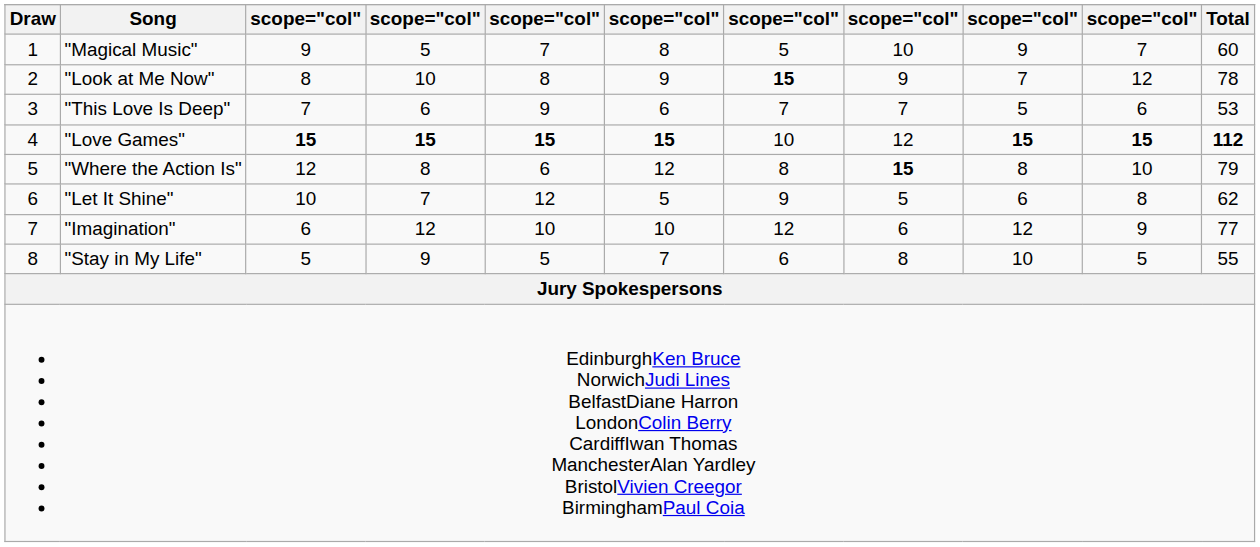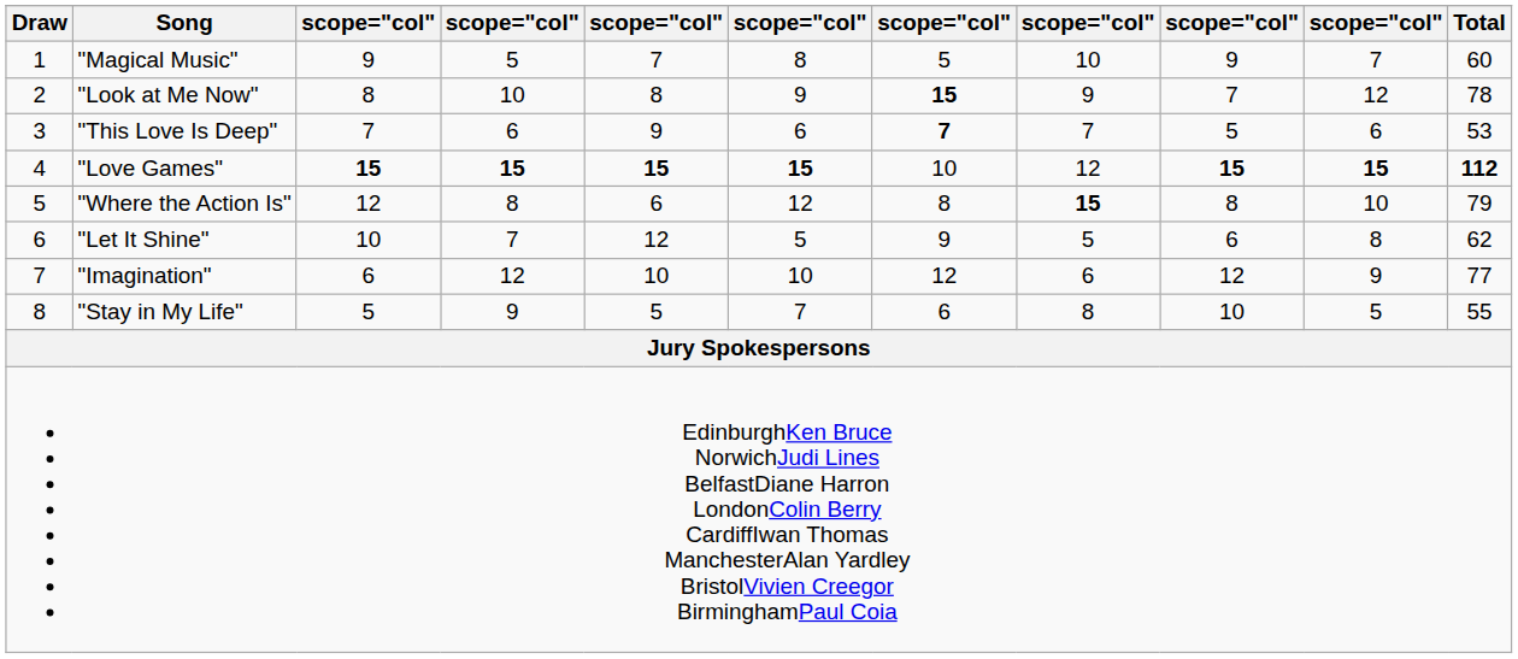 <table class="wikitable plainrowheaders" style="margin: 1em auto 1em auto; text-align:center;">
 <tr>
 </tr>
 <tr>
 <th scope="col">Draw</th>
 <th scope="col">Song</th>
 <th>scope="col" </th>
 <th>scope="col" </th>
 <th>scope="col" </th>
 <th>scope="col" </th>
 <th>scope="col" </th>
 <th>scope="col" </th>
 <th>scope="col" </th>
 <th>scope="col" </th>
 <th scope="col">Total</th>
 </tr>
 <tr>
 <td>1</td>
 <td align="left">"Magical Music"</td>
 <td>9</td>
 <td>5</td>
 <td>7</td>
 <td>8</td>
 <td>5</td>
 <td>10</td>
 <td>9</td>
 <td>7</td>
 <td>60</td>
 </tr>
 <tr>
 <td>2</td>
 <td align="left">"Look at Me Now"</td>
 <td>8</td>
 <td>10</td>
 <td>8</td>
 <td>9</td>
 <td><strong>15</strong></td>
 <td>9</td>
 <td>7</td>
 <td>12</td>
 <td>78</td>
 </tr>
 <tr>
 <td>3</td>
 <td align="left">"This Love Is Deep"</td>
 <td>7</td>
 <td>6</td>
 <td>9</td>
 <td>6</td>
-<td>7</td>
+<td><strong>7</strong></td>
 <td>7</td>
 <td>5</td>
 <td>6</td>
 <td>53</td>
 </tr>
 <tr>
 <td>4</td>
 <td align="left">"Love Games"</td>
 <td><strong>15</strong></td>
 <td><strong>15</strong></td>
 <td><strong>15</strong></td>
 <td><strong>15</strong></td>
 <td>10</td>
 <td>12</td>
 <td><strong>15</strong></td>
 <td><strong>15</strong></td>
 <td><strong>112</strong></td>
 </tr>
 <tr>
 <td>5</td>
 <td align="left">"Where the Action Is"</td>
 <td>12</td>
 <td>8</td>
 <td>6</td>
 <td>12</td>
 <td>8</td>
 <td><strong>15</strong></td>
 <td>8</td>
 <td>10</td>
 <td>79</td>
 </tr>
 <tr>
 <td>6</td>
 <td align="left">"Let It Shine"</td>
 <td>10</td>
 <td>7</td>
 <td>12</td>
 <td>5</td>
 <td>9</td>
 <td>5</td>
 <td>6</td>
 <td>8</td>
 <td>62</td>
 </tr>
 <tr>
 <td>7</td>
 <td align="left">"Imagination"</td>
 <td>6</td>
 <td>12</td>
 <td>10</td>
 <td>10</td>
 <td>12</td>
 <td>6</td>
 <td>12</td>
 <td>9</td>
 <td>77</td>
 </tr>
 <tr>
 <td>8</td>
 <td align="left">"Stay in My Life"</td>
 <td>5</td>
 <td>9</td>
 <td>5</td>
 <td>7</td>
 <td>6</td>
 <td>8</td>
 <td>10</td>
 <td>5</td>
 <td>55</td>
 </tr>
 <tr>
 <th colspan="11">Jury Spokespersons</th>
 </tr>
 <tr>
 <td colspan="11"><br><ul><li>Edinburgh<a href='#'>Ken Bruce</a></li><li>Norwich<a href='#'>Judi Lines</a></li><li>BelfastDiane Harron</li><li>London<a href='#'>Colin Berry</a></li><li>CardiffIwan Thomas</li><li>ManchesterAlan Yardley</li><li>Bristol<a href='#'>Vivien Creegor</a></li><li>Birmingham<a href='#'>Paul Coia</a></li></ul></td>
 </tr>
 </table>
